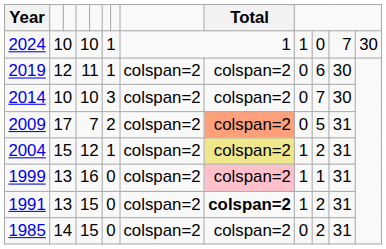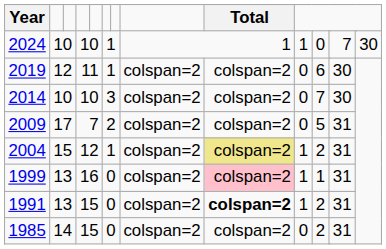 <table class="wikitable" style="text-align:right; padding-left:1em">
 <tr>
 <th align="left">Year</th>
 <td></td>
 <td></td>
 <td></td>
 <td></td>
 <td></td>
 <td></td>
 <td></td>
 <th align="left">Total</th>
 </tr>
 <tr>
 <td align=left><a href='#'>2024</a></td>
 <td colspan=2>10</td>
 <td colspan=2>10</td>
 <td colspan=2>1</td>
 <td colspan=2>1</td>
 <td colspan=2>1</td>
 <td colspan=2>0</td>
 <td colspan=2>7</td>
 <td>30</td>
 </tr>
 <tr>
 <td align=left><a href='#'>2019</a></td>
 <td colspan=2>12</td>
 <td colspan=2>11</td>
 <td colspan=2>1</td>
 <td>colspan=2 </td>
 <td>colspan=2 </td>
 <td colspan=2>0</td>
 <td colspan=2>6</td>
 <td>30</td>
 </tr>
 <tr>
 <td align=left><a href='#'>2014</a></td>
 <td colspan=2>10</td>
 <td colspan=2>10</td>
 <td colspan=2>3</td>
 <td>colspan=2 </td>
 <td>colspan=2 </td>
 <td colspan=2>0</td>
 <td colspan=2>7</td>
 <td>30</td>
 </tr>
 <tr>
 <td align=left><a href='#'>2009</a></td>
 <td colspan=2>17</td>
 <td colspan=2>7</td>
 <td colspan=2>2</td>
 <td>colspan=2 </td>
-<td style="background: lightsalmon;">colspan=2 </td>
+<td>colspan=2 </td>
 <td colspan=2>0</td>
 <td colspan=2>5</td>
 <td>31</td>
 </tr>
 <tr>
 <td align=left><a href='#'>2004</a></td>
 <td colspan=2>15</td>
 <td colspan=2>12</td>
 <td colspan=2>1</td>
 <td>colspan=2 </td>
 <td style="background: khaki;">colspan=2 </td>
 <td colspan=2>1</td>
 <td colspan=2>2</td>
 <td>31</td>
 </tr>
 <tr>
 <td align=left><a href='#'>1999</a></td>
 <td colspan=2>13</td>
 <td colspan=2>16</td>
 <td colspan=2>0</td>
 <td>colspan=2 </td>
 <td style="background: pink;">colspan=2 </td>
 <td colspan=2>1</td>
 <td colspan=2>1</td>
 <td>31</td>
 </tr>
 <tr>
 <td align=left><a href='#'>1991</a></td>
 <td colspan=2>13</td>
 <td colspan=2>15</td>
 <td colspan=2>0</td>
 <td>colspan=2 </td>
 <td><strong>colspan=2 </strong></td>
 <td colspan=2>1</td>
 <td colspan=2>2</td>
 <td>31</td>
 </tr>
 <tr>
 <td align=left><a href='#'>1985</a></td>
 <td colspan=2>14</td>
 <td colspan=2>15</td>
 <td colspan=2>0</td>
 <td>colspan=2 </td>
 <td>colspan=2 </td>
 <td colspan=2>0</td>
 <td colspan=2>2</td>
 <td>31</td>
 </tr>
 </table>
